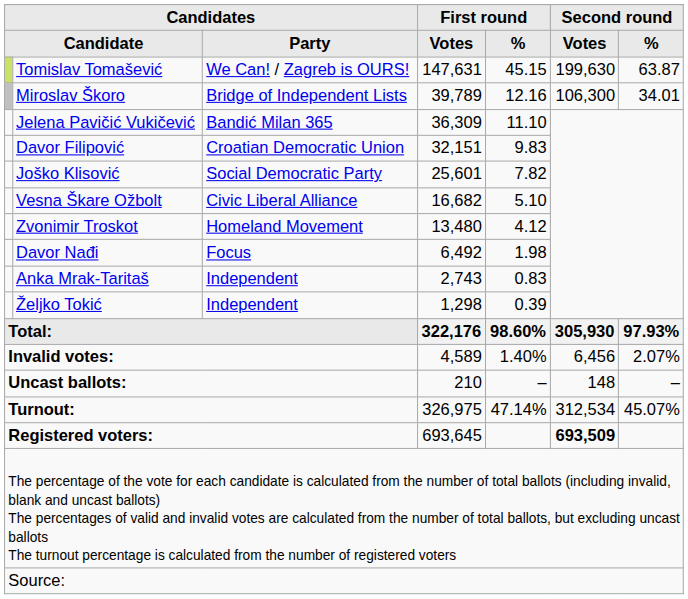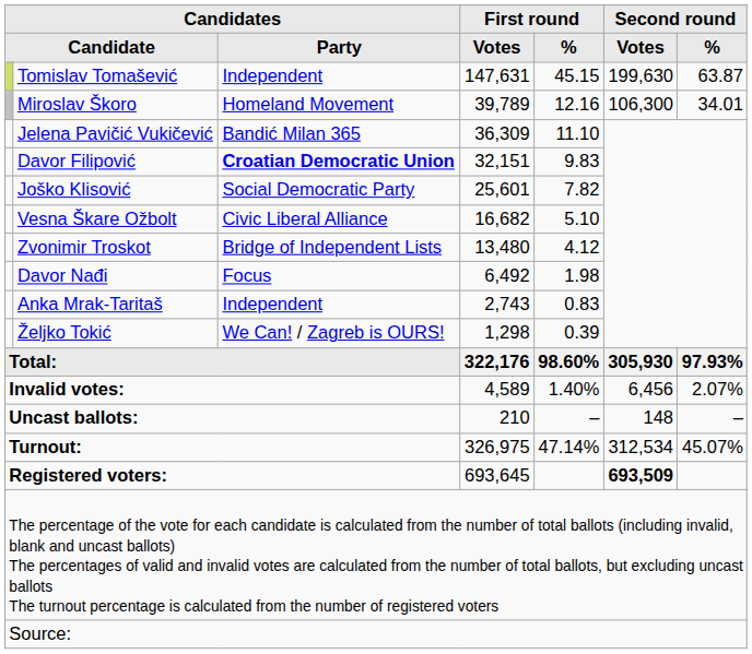 <table class="wikitable" border="1">
 <tr>
 </tr>
 <tr style="background-color:#C9C9C9">
 <th style="background-color:#E9E9E9" align= center colspan="3">Candidates</th>
 <th style="background-color:#E9E9E9" align= center colspan="2">First round</th>
 <th style="background-color:#E9E9E9" align= center colspan="2">Second round</th>
 </tr>
 <tr>
 <th style="background-color:#E9E9E9" align= center colspan="2">Candidate</th>
 <th style="background-color:#E9E9E9" align= center>Party</th>
 <th style="background-color:#E9E9E9" align= center>Votes</th>
 <th style="background-color:#E9E9E9" align= center>%</th>
 <th style="background-color:#E9E9E9" align= center>Votes</th>
 <th style="background-color:#E9E9E9" align= center>%</th>
 </tr>
 <tr>
 <td bgcolor= #C9E265></td>
 <td align = left><a href='#'>Tomislav Tomašević</a></td>
-<td align = left><a href='#'>We Can!</a> / <a href='#'>Zagreb is OURS!</a></td>
+<td align = left><a href='#'>Independent</a></td>
 <td align = right>147,631</td>
 <td align = right>45.15</td>
 <td align = right>199,630</td>
 <td align = right>63.87</td>
 </tr>
 <tr>
 <td style="color:inherit;background:#c0c0c0"></td>
 <td align = left><a href='#'>Miroslav Škoro</a></td>
-<td align = left><a href='#'>Bridge of Independent Lists</a></td>
+<td align = left><a href='#'>Homeland Movement</a></td>
 <td align = right>39,789</td>
 <td align = right>12.16</td>
 <td align = right>106,300</td>
 <td align = right>34.01</td>
 </tr>
 <tr>
 <td bgcolor=></td>
 <td align = left><a href='#'>Jelena Pavičić Vukičević</a></td>
 <td align = left><a href='#'>Bandić Milan 365</a></td>
 <td align = right>36,309</td>
 <td align = right>11.10</td>
 </tr>
 <tr>
 <td bgcolor=></td>
 <td align = left><a href='#'>Davor Filipović</a></td>
-<td align = left><a href='#'>Croatian Democratic Union</a></td>
+<td align = left><strong><a href='#'>Croatian Democratic Union</a></strong></td>
 <td align = right>32,151</td>
 <td align = right>9.83</td>
 </tr>
 <tr>
 <td bgcolor=></td>
 <td align = left><a href='#'>Joško Klisović</a></td>
 <td align = left><a href='#'>Social Democratic Party</a></td>
 <td align = right>25,601</td>
 <td align = right>7.82</td>
 </tr>
 <tr>
 <td bgcolor=></td>
 <td align = left><a href='#'>Vesna Škare Ožbolt</a></td>
 <td align = left><a href='#'>Civic Liberal Alliance</a></td>
 <td align = right>16,682</td>
 <td align = right>5.10</td>
 </tr>
 <tr>
 <td bgcolor=></td>
 <td align = left><a href='#'>Zvonimir Troskot</a></td>
-<td align = left><a href='#'>Homeland Movement</a></td>
+<td align = left><a href='#'>Bridge of Independent Lists</a></td>
 <td align = right>13,480</td>
 <td align = right>4.12</td>
 </tr>
 <tr>
 <td bgcolor=></td>
 <td align = left><a href='#'>Davor Nađi</a></td>
 <td align = left><a href='#'>Focus</a></td>
 <td align = right>6,492</td>
 <td align = right>1.98</td>
 </tr>
 <tr>
 <td bgcolor=></td>
 <td align = left><a href='#'>Anka Mrak-Taritaš</a></td>
 <td align = left><a href='#'>Independent</a></td>
 <td align = right>2,743</td>
 <td align = right>0.83</td>
 </tr>
 <tr>
 <td bgcolor=></td>
 <td align = left><a href='#'>Željko Tokić</a></td>
-<td align = left><a href='#'>Independent</a></td>
+<td align = left><a href='#'>We Can!</a> / <a href='#'>Zagreb is OURS!</a></td>
 <td align = right>1,298</td>
 <td align = right>0.39</td>
 </tr>
 <tr style="background-color:#E9E9E9">
 <td align=left colspan=3><strong>Total:</strong></td>
 <th align=right>322,176</th>
 <th align=right>98.60%</th>
 <th align=right>305,930</th>
 <th align=right>97.93%</th>
 </tr>
 <tr>
 <td align=left colspan=3><strong>Invalid votes:</strong></td>
 <td align=right>4,589</td>
 <td align=right>1.40%</td>
 <td align=right>6,456</td>
 <td align=right>2.07%</td>
 </tr>
 <tr>
 <td align=left colspan=3><strong>Uncast ballots:</strong></td>
 <td align=right>210</td>
 <td align=right>–</td>
 <td align=right>148</td>
 <td align=right>–</td>
 </tr>
 <tr>
 <td align=left colspan=3><strong>Turnout:</strong></td>
 <td align=right>326,975</td>
 <td align=right>47.14%</td>
 <td align=right>312,534</td>
 <td align=right>45.07%</td>
 </tr>
 <tr>
 <td align=left colspan=3><strong>Registered voters:</strong></td>
 <td align=right>693,645</td>
 <td align=right></td>
 <td align=right><strong>693,509</strong></td>
 <td align=right></td>
 </tr>
 <tr>
 <td align=left colspan=8><br><small>The percentage of the vote for each candidate is calculated from the number of total ballots (including invalid,<br> blank and uncast ballots)<br> The percentages of valid and invalid votes are calculated from the number of total ballots, but excluding uncast<br>ballots<br> The turnout percentage is calculated from the number of registered voters</small></td>
 </tr>
 <tr>
 <td align=left colspan=8>Source:</td>
 </tr>
 </table>
